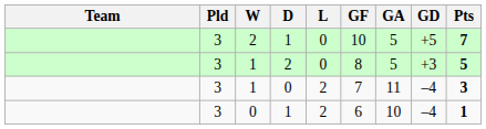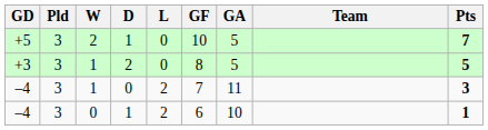 <table class=wikitable style="text-align:center">
 <tr>
-<th width=200>Team</th>
+<th width=30>GD</th>
 <th width=30>Pld</th>
 <th width=30>W</th>
 <th width=30>D</th>
 <th width=30>L</th>
 <th width=30>GF</th>
 <th width=30>GA</th>
-<th width=30>GD</th>
+<th width=200>Team</th>
 <th width=30>Pts</th>
 </tr>
 <tr style="background:#ccffcc">
-<td align=left></td>
+<td>+5</td>
 <td>3</td>
 <td>2</td>
 <td>1</td>
 <td>0</td>
 <td>10</td>
 <td>5</td>
-<td>+5</td>
+<td align=left></td>
 <td><strong>7</strong></td>
 </tr>
 <tr style="background:#ccffcc">
-<td align=left></td>
+<td>+3</td>
 <td>3</td>
 <td>1</td>
 <td>2</td>
 <td>0</td>
 <td>8</td>
 <td>5</td>
-<td>+3</td>
+<td align=left></td>
 <td><strong>5</strong></td>
 </tr>
 <tr>
-<td align=left></td>
+<td>–4</td>
 <td>3</td>
 <td>1</td>
 <td>0</td>
 <td>2</td>
 <td>7</td>
 <td>11</td>
-<td>–4</td>
+<td align=left></td>
 <td><strong>3</strong></td>
 </tr>
 <tr>
-<td align=left></td>
+<td>–4</td>
 <td>3</td>
 <td>0</td>
 <td>1</td>
 <td>2</td>
 <td>6</td>
 <td>10</td>
-<td>–4</td>
+<td align=left></td>
 <td><strong>1</strong></td>
 </tr>
 </table>
